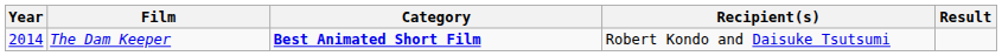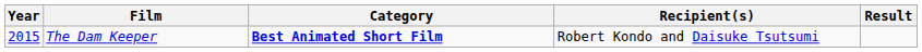 <table class="wikitable sortable" style="max-width: 900px;">
 <tr>
 <th width=30px>Year</th>
 <th width=200px>Film</th>
 <th width=300px>Category</th>
 <th width=300px>Recipient(s)</th>
 <th width=50px>Result</th>
 </tr>
 <tr>
-<td><a href='#'>2014</a></td>
+<td><a href='#'>2015</a></td>
 <td><em><a href='#'>The Dam Keeper</a></em></td>
 <td><strong><a href='#'>Best Animated Short Film</a></strong></td>
 <td rowspan="2">Robert Kondo and <a href='#'>Daisuke Tsutsumi</a></td>
 <td></td>
 </tr>
 </table>
